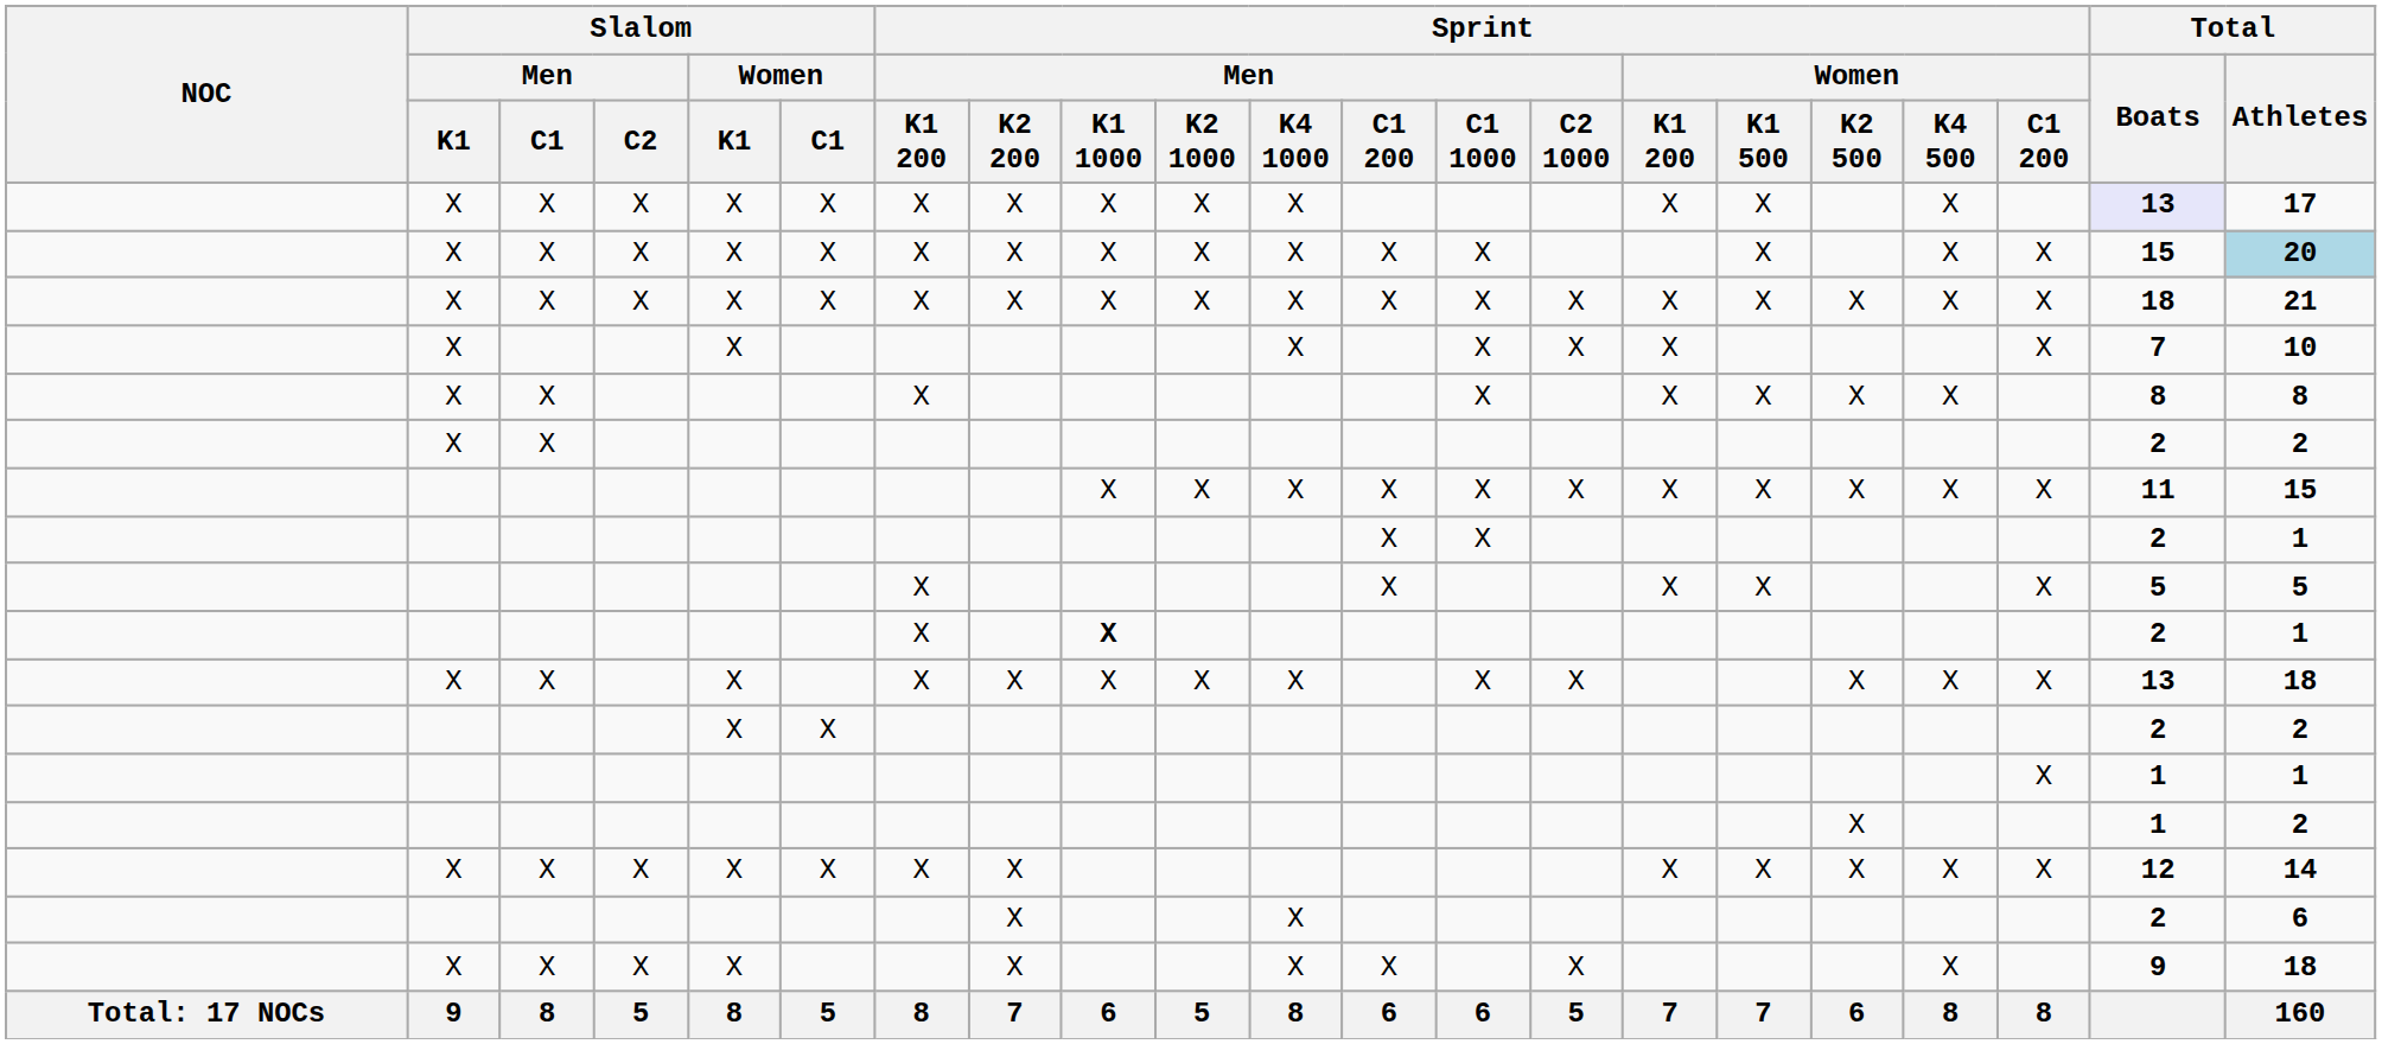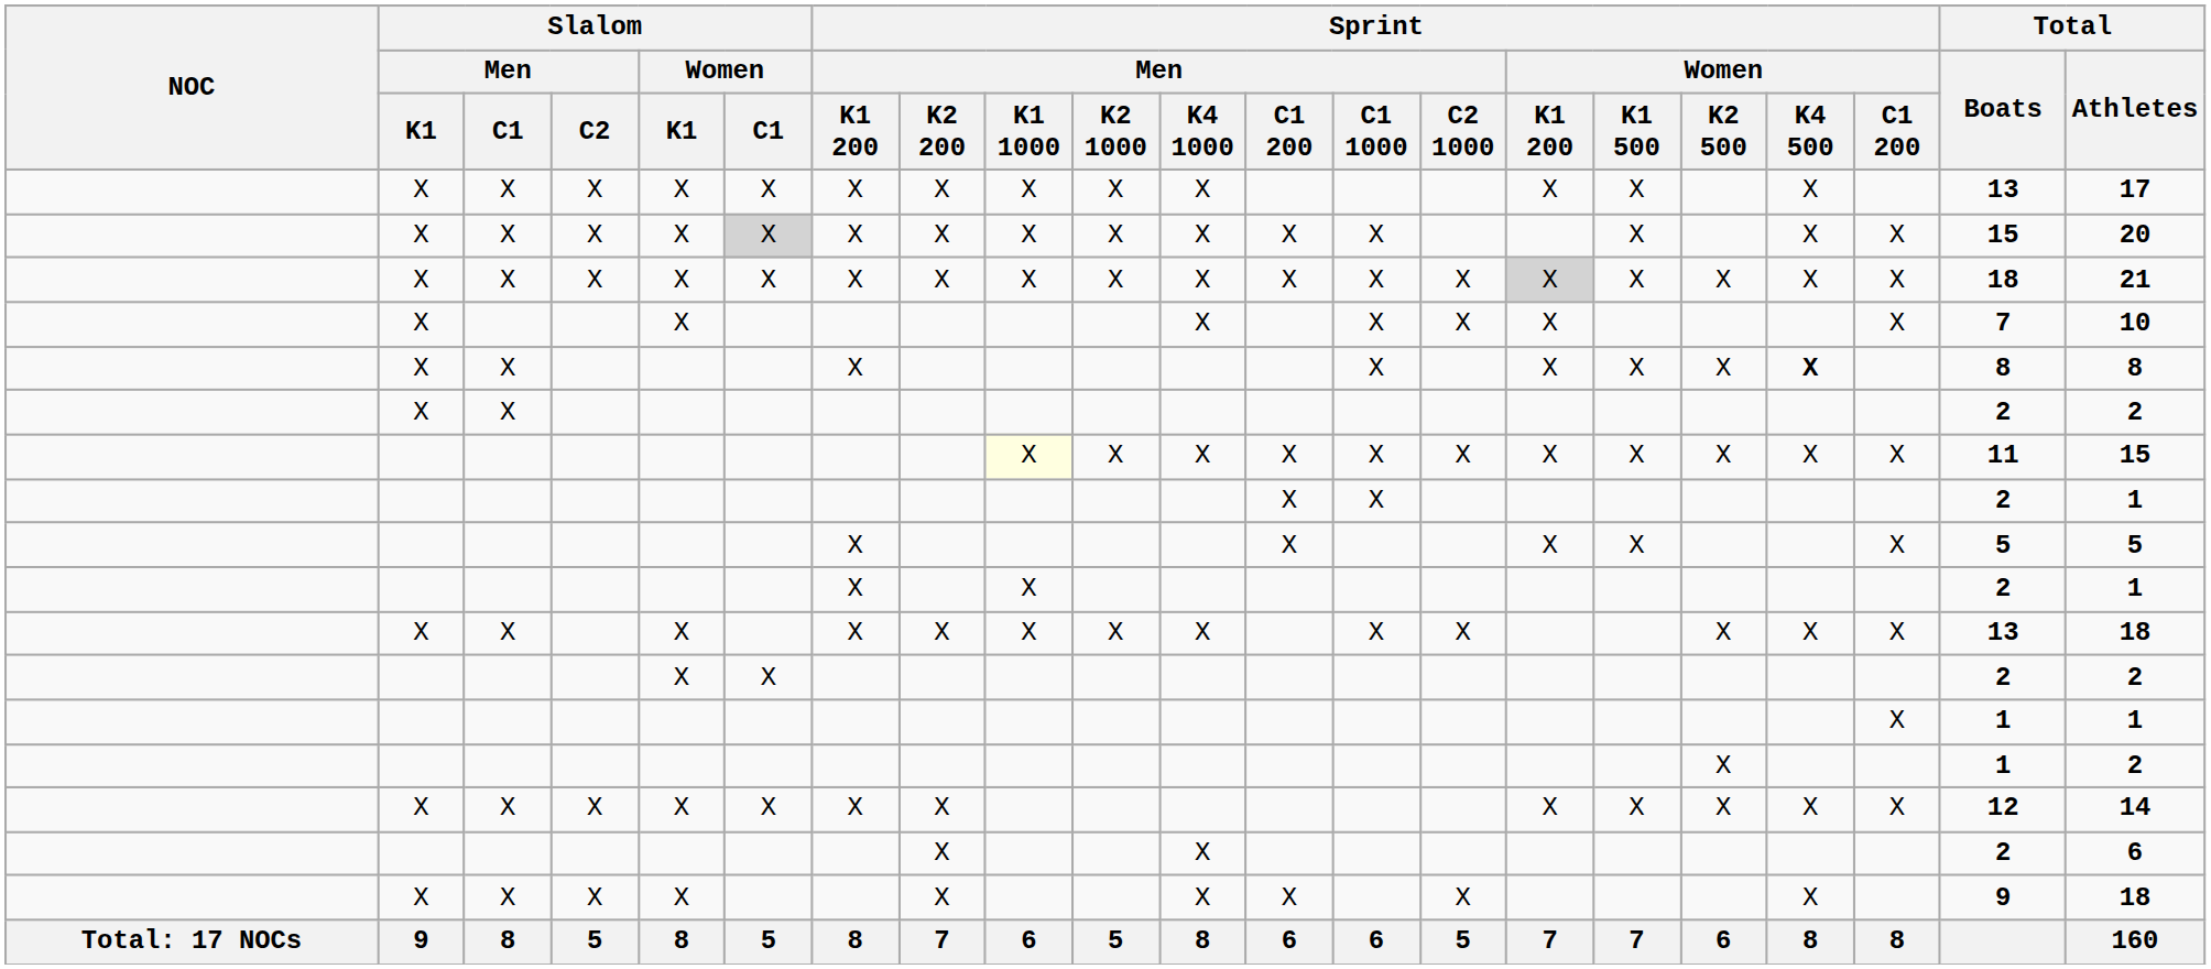 <table class="wikitable" style="text-align:center; font-size:90%">
 <tr>
 <th rowspan="3" align="left" width=160>NOC</th>
 <th colspan="5">Slalom</th>
 <th colspan="13">Sprint</th>
 <th colspan="2">Total</th>
 </tr>
 <tr>
 <th width=33 colspan=3>Men</th>
 <th colspan=2>Women</th>
 <th colspan=8>Men</th>
 <th colspan=5>Women</th>
 <th width=50 rowspan="2">Boats</th>
 <th width=50 rowspan="2">Athletes</th>
 </tr>
 <tr>
 <th width=33>K1</th>
 <th width=33>C1</th>
 <th width=33>C2</th>
 <th width=33>K1</th>
 <th width=33>C1</th>
 <th width=33>K1<br>200</th>
 <th width=33>K2<br>200</th>
 <th width=33>K1<br>1000</th>
 <th width=33>K2<br>1000</th>
 <th width=33>K4<br>1000</th>
 <th width=33>C1<br>200</th>
 <th width=33>C1<br>1000</th>
 <th width=33>C2<br>1000</th>
 <th width=33>K1<br>200</th>
 <th width=33>K1<br>500</th>
 <th width=33>K2<br>500</th>
 <th width=33>K4<br>500</th>
 <th width=33>C1<br>200</th>
 </tr>
 <tr>
 <td align=left></td>
 <td>X</td>
 <td>X</td>
 <td>X</td>
 <td>X</td>
 <td>X</td>
 <td>X</td>
 <td>X</td>
 <td>X</td>
 <td>X</td>
 <td>X</td>
 <td></td>
 <td></td>
 <td></td>
 <td>X</td>
 <td>X</td>
 <td></td>
 <td>X</td>
 <td></td>
-<td style="background: lavender;"><strong>13</strong></td>
+<td><strong>13</strong></td>
 <td><strong>17</strong></td>
 </tr>
 <tr>
 <td align=left></td>
 <td>X</td>
 <td>X</td>
 <td>X</td>
 <td>X</td>
-<td>X</td>
+<td style="background: lightgrey;">X</td>
 <td>X</td>
 <td>X</td>
 <td>X</td>
 <td>X</td>
 <td>X</td>
 <td>X</td>
 <td>X</td>
 <td></td>
 <td></td>
 <td>X</td>
 <td></td>
 <td>X</td>
 <td>X</td>
 <td><strong>15</strong></td>
-<td style="background: lightblue;"><strong>20</strong></td>
+<td><strong>20</strong></td>
 </tr>
 <tr>
 <td align=left></td>
 <td>X</td>
 <td>X</td>
 <td>X</td>
 <td>X</td>
 <td>X</td>
 <td>X</td>
 <td>X</td>
 <td>X</td>
 <td>X</td>
 <td>X</td>
 <td>X</td>
 <td>X</td>
 <td>X</td>
-<td>X</td>
+<td style="background: lightgrey;">X</td>
 <td>X</td>
 <td>X</td>
 <td>X</td>
 <td>X</td>
 <td><strong>18</strong></td>
 <td><strong>21</strong></td>
 </tr>
 <tr>
 <td align=left></td>
 <td>X</td>
 <td></td>
 <td></td>
 <td>X</td>
 <td></td>
 <td></td>
 <td></td>
 <td></td>
 <td></td>
 <td>X</td>
 <td></td>
 <td>X</td>
 <td>X</td>
 <td>X</td>
 <td></td>
 <td></td>
 <td></td>
 <td>X</td>
 <td><strong>7</strong></td>
 <td><strong>10</strong></td>
 </tr>
 <tr>
 <td align=left></td>
 <td>X</td>
 <td>X</td>
 <td></td>
 <td></td>
 <td></td>
 <td>X</td>
 <td></td>
 <td></td>
 <td></td>
 <td></td>
 <td></td>
 <td>X</td>
 <td></td>
 <td>X</td>
 <td>X</td>
 <td>X</td>
-<td>X</td>
+<td><strong>X</strong></td>
 <td></td>
 <td><strong>8</strong></td>
 <td><strong>8</strong></td>
 </tr>
 <tr>
 <td align=left></td>
 <td>X</td>
 <td>X</td>
 <td></td>
 <td></td>
 <td></td>
 <td></td>
 <td></td>
 <td></td>
 <td></td>
 <td></td>
 <td></td>
 <td></td>
 <td></td>
 <td></td>
 <td></td>
 <td></td>
 <td></td>
 <td></td>
 <td><strong>2</strong></td>
 <td><strong>2</strong></td>
 </tr>
 <tr>
 <td align=left></td>
 <td></td>
 <td></td>
 <td></td>
 <td></td>
 <td></td>
 <td></td>
 <td></td>
-<td>X</td>
+<td style="background: lightyellow;">X</td>
 <td>X</td>
 <td>X</td>
 <td>X</td>
 <td>X</td>
 <td>X</td>
 <td>X</td>
 <td>X</td>
 <td>X</td>
 <td>X</td>
 <td>X</td>
 <td><strong>11</strong></td>
 <td><strong>15</strong></td>
 </tr>
 <tr>
 <td align=left></td>
 <td></td>
 <td></td>
 <td></td>
 <td></td>
 <td></td>
 <td></td>
 <td></td>
 <td></td>
 <td></td>
 <td></td>
 <td>X</td>
 <td>X</td>
 <td></td>
 <td></td>
 <td></td>
 <td></td>
 <td></td>
 <td></td>
 <td><strong>2</strong></td>
 <td><strong>1</strong></td>
 </tr>
 <tr>
 <td align=left></td>
 <td></td>
 <td></td>
 <td></td>
 <td></td>
 <td></td>
 <td>X</td>
 <td></td>
 <td></td>
 <td></td>
 <td></td>
 <td>X</td>
 <td></td>
 <td></td>
 <td>X</td>
 <td>X</td>
 <td></td>
 <td></td>
 <td>X</td>
 <td><strong>5</strong></td>
 <td><strong>5</strong></td>
 </tr>
 <tr>
 <td align=left></td>
 <td></td>
 <td></td>
 <td></td>
 <td></td>
 <td></td>
 <td>X</td>
 <td></td>
-<td><strong>X</strong></td>
+<td>X</td>
 <td></td>
 <td></td>
 <td></td>
 <td></td>
 <td></td>
 <td></td>
 <td></td>
 <td></td>
 <td></td>
 <td></td>
 <td><strong>2</strong></td>
 <td><strong>1</strong></td>
 </tr>
 <tr>
 <td align=left></td>
 <td>X</td>
 <td>X</td>
 <td></td>
 <td>X</td>
 <td></td>
 <td>X</td>
 <td>X</td>
 <td>X</td>
 <td>X</td>
 <td>X</td>
 <td></td>
 <td>X</td>
 <td>X</td>
 <td></td>
 <td></td>
 <td>X</td>
 <td>X</td>
 <td>X</td>
 <td><strong>13</strong></td>
 <td><strong>18</strong></td>
 </tr>
 <tr>
 <td align=left></td>
 <td></td>
 <td></td>
 <td></td>
 <td>X</td>
 <td>X</td>
 <td></td>
 <td></td>
 <td></td>
 <td></td>
 <td></td>
 <td></td>
 <td></td>
 <td></td>
 <td></td>
 <td></td>
 <td></td>
 <td></td>
 <td></td>
 <td><strong>2</strong></td>
 <td><strong>2</strong></td>
 </tr>
 <tr>
 <td align=left></td>
 <td></td>
 <td></td>
 <td></td>
 <td></td>
 <td></td>
 <td></td>
 <td></td>
 <td></td>
 <td></td>
 <td></td>
 <td></td>
 <td></td>
 <td></td>
 <td></td>
 <td></td>
 <td></td>
 <td></td>
 <td>X</td>
 <td><strong>1</strong></td>
 <td><strong>1</strong></td>
 </tr>
 <tr>
 <td align=left></td>
 <td></td>
 <td></td>
 <td></td>
 <td></td>
 <td></td>
 <td></td>
 <td></td>
 <td></td>
 <td></td>
 <td></td>
 <td></td>
 <td></td>
 <td></td>
 <td></td>
 <td></td>
 <td>X</td>
 <td></td>
 <td></td>
 <td><strong>1</strong></td>
 <td><strong>2</strong></td>
 </tr>
 <tr>
 <td align=left></td>
 <td>X</td>
 <td>X</td>
 <td>X</td>
 <td>X</td>
 <td>X</td>
 <td>X</td>
 <td>X</td>
 <td></td>
 <td></td>
 <td></td>
 <td></td>
 <td></td>
 <td></td>
 <td>X</td>
 <td>X</td>
 <td>X</td>
 <td>X</td>
 <td>X</td>
 <td><strong>12</strong></td>
 <td><strong>14</strong></td>
 </tr>
 <tr>
 <td align=left></td>
 <td></td>
 <td></td>
 <td></td>
 <td></td>
 <td></td>
 <td></td>
 <td>X</td>
 <td></td>
 <td></td>
 <td>X</td>
 <td></td>
 <td></td>
 <td></td>
 <td></td>
 <td></td>
 <td></td>
 <td></td>
 <td></td>
 <td><strong>2</strong></td>
 <td><strong>6</strong></td>
 </tr>
 <tr>
 <td align=left></td>
 <td>X</td>
 <td>X</td>
 <td>X</td>
 <td>X</td>
 <td></td>
 <td></td>
 <td>X</td>
 <td></td>
 <td></td>
 <td>X</td>
 <td>X</td>
 <td></td>
 <td>X</td>
 <td></td>
 <td></td>
 <td></td>
 <td>X</td>
 <td></td>
 <td><strong>9</strong></td>
 <td><strong>18</strong></td>
 </tr>
 <tr>
 <th>Total: 17 NOCs</th>
 <th>9</th>
 <th>8</th>
 <th>5</th>
 <th>8</th>
 <th>5</th>
 <th>8</th>
 <th>7</th>
 <th>6</th>
 <th>5</th>
 <th>8</th>
 <th>6</th>
 <th>6</th>
 <th>5</th>
 <th>7</th>
 <th>7</th>
 <th>6</th>
 <th>8</th>
 <th>8</th>
 <th></th>
 <th>160</th>
 </tr>
 </table>
